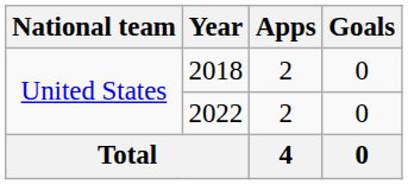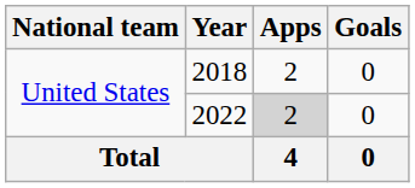 <table class="wikitable" style="text-align:center">
 <tr>
 <th>National team</th>
 <th>Year</th>
 <th>Apps</th>
 <th>Goals</th>
 </tr>
 <tr>
 <td rowspan="2"><a href='#'>United States</a></td>
 <td>2018</td>
 <td>2</td>
 <td>0</td>
 </tr>
 <tr>
 <td>2022</td>
-<td>2</td>
+<td style="background: lightgrey;">2</td>
 <td>0</td>
 </tr>
 <tr>
 <th colspan="2">Total</th>
 <th>4</th>
 <th>0</th>
 </tr>
 </table>
